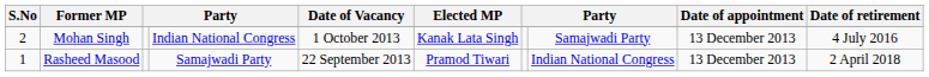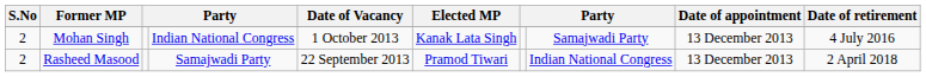 <table class="wikitable sortable">
 <tr>
 <th>S.No</th>
 <th>Former MP</th>
 <th colspan=2>Party</th>
 <th>Date of Vacancy</th>
 <th>Elected MP</th>
 <th colspan=2>Party</th>
 <th>Date of appointment</th>
 <th>Date of retirement</th>
 </tr>
 <tr>
 </tr>
 <tr style="text-align:center;">
 <td>2</td>
 <td><a href='#'>Mohan Singh</a></td>
 <td></td>
 <td><a href='#'>Indian National Congress</a></td>
 <td>1 October 2013</td>
 <td><a href='#'>Kanak Lata Singh</a></td>
 <td></td>
 <td><a href='#'>Samajwadi Party</a></td>
 <td>13 December 2013</td>
 <td>4 July 2016</td>
 </tr>
 <tr style="text-align:center;">
-<td>1</td>
+<td>2</td>
 <td><a href='#'>Rasheed Masood</a></td>
 <td></td>
 <td><a href='#'>Samajwadi Party</a></td>
 <td>22 September 2013</td>
 <td><a href='#'>Pramod Tiwari</a></td>
 <td></td>
 <td><a href='#'>Indian National Congress</a></td>
 <td>13 December 2013</td>
 <td>2 April 2018</td>
 </tr>
 </table>
